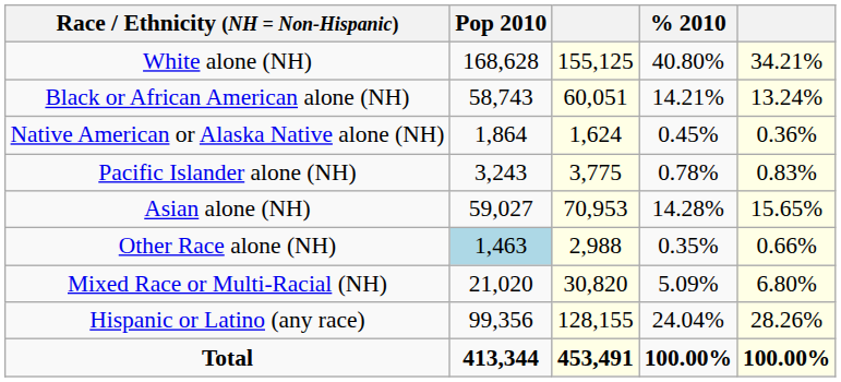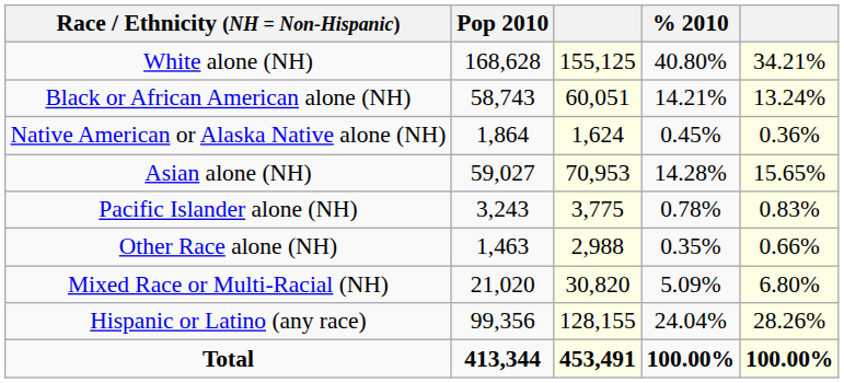 <table class="wikitable" style="text-align:center;">
 <tr>
 <th>Race / Ethnicity <small>(<em>NH = Non-Hispanic</em>)</small></th>
 <th>Pop 2010</th>
 <th></th>
 <th>% 2010</th>
 <th></th>
 </tr>
 <tr>
 <td><a href='#'>White</a> alone (NH)</td>
 <td>168,628</td>
 <td style='background: #ffffe6;'>155,125</td>
 <td>40.80%</td>
 <td style='background: #ffffe6;'>34.21%</td>
 </tr>
 <tr>
 <td><a href='#'>Black or African American</a> alone (NH)</td>
 <td>58,743</td>
 <td style='background: #ffffe6;'>60,051</td>
 <td>14.21%</td>
 <td style='background: #ffffe6;'>13.24%</td>
 </tr>
 <tr>
 <td><a href='#'>Native American</a> or <a href='#'>Alaska Native</a> alone (NH)</td>
 <td>1,864</td>
 <td style='background: #ffffe6;'>1,624</td>
 <td>0.45%</td>
 <td style='background: #ffffe6;'>0.36%</td>
 </tr>
 <tr>
+<td><a href='#'>Asian</a> alone (NH)</td>
+<td>59,027</td>
+<td style='background: #ffffe6;'>70,953</td>
+<td>14.28%</td>
+<td style='background: #ffffe6;'>15.65%</td>
+</tr>
+<tr>
 <td><a href='#'>Pacific Islander</a> alone (NH)</td>
 <td>3,243</td>
 <td style='background: #ffffe6;'>3,775</td>
 <td>0.78%</td>
 <td style='background: #ffffe6;'>0.83%</td>
 </tr>
 <tr>
-<td><a href='#'>Asian</a> alone (NH)</td>
-<td>59,027</td>
-<td style='background: #ffffe6;'>70,953</td>
-<td>14.28%</td>
-<td style='background: #ffffe6;'>15.65%</td>
-</tr>
-<tr>
 <td><a href='#'>Other Race</a> alone (NH)</td>
-<td style="background: lightblue;">1,463</td>
+<td>1,463</td>
 <td style='background: #ffffe6;'>2,988</td>
 <td>0.35%</td>
 <td style='background: #ffffe6;'>0.66%</td>
 </tr>
 <tr>
 <td><a href='#'>Mixed Race or Multi-Racial</a> (NH)</td>
 <td>21,020</td>
 <td style='background: #ffffe6;'>30,820</td>
 <td>5.09%</td>
 <td style='background: #ffffe6;'>6.80%</td>
 </tr>
 <tr>
 <td><a href='#'>Hispanic or Latino</a> (any race)</td>
 <td>99,356</td>
 <td style='background: #ffffe6;'>128,155</td>
 <td>24.04%</td>
 <td style='background: #ffffe6;'>28.26%</td>
 </tr>
 <tr>
 <td><strong>Total</strong></td>
 <td><strong>413,344</strong></td>
 <td style='background: #ffffe6;'><strong>453,491</strong></td>
 <td><strong>100.00%</strong></td>
 <td style='background: #ffffe6;'><strong>100.00%</strong></td>
 </tr>
 </table>
